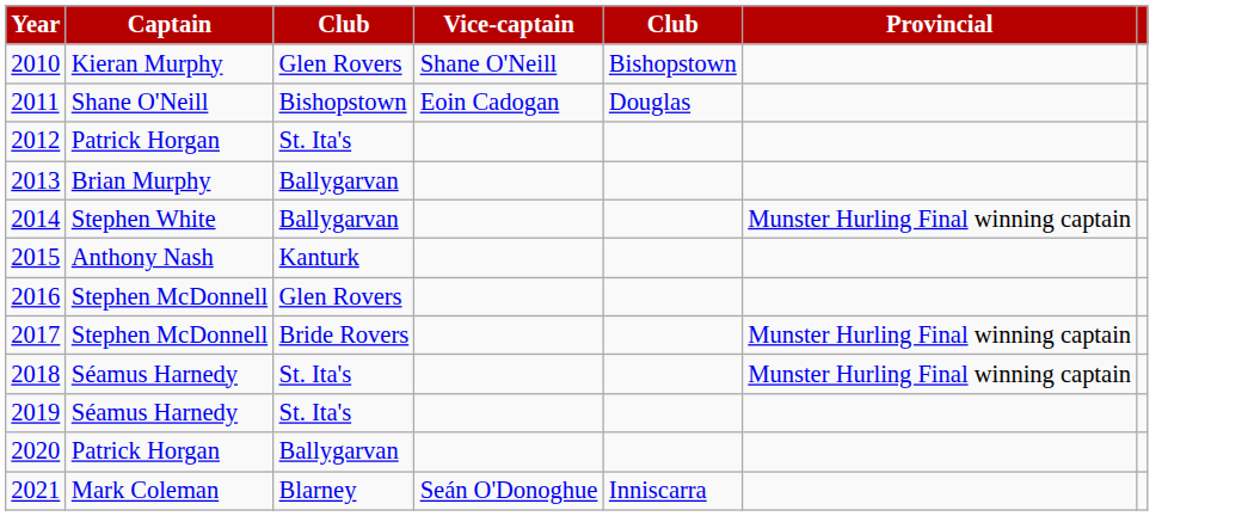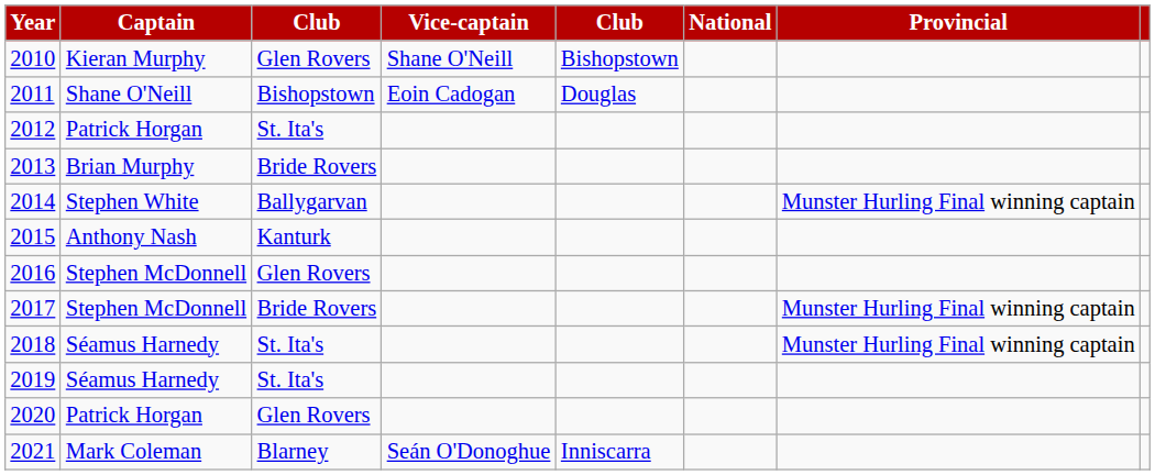 <table class="wikitable">
 <tr style="text-align:center;background:#B60000;color:white">
 <td><strong>Year</strong></td>
 <td><strong>Captain</strong></td>
 <td><strong>Club</strong></td>
 <td><strong>Vice-captain</strong></td>
 <td><strong>Club</strong></td>
+<td><strong>National</strong></td>
 <td><strong>Provincial</strong></td>
 <td></td>
 </tr>
 <tr>
 <td style="text-align:left;"><a href='#'>2010</a></td>
 <td style="text-align:left;"><a href='#'>Kieran Murphy</a></td>
 <td style="text-align:left;"><a href='#'>Glen Rovers</a></td>
 <td style="text-align:left;"><a href='#'>Shane O'Neill</a></td>
 <td style="text-align:left;"><a href='#'>Bishopstown</a></td>
 <td></td>
 <td></td>
+<td></td>
 </tr>
 <tr>
 <td style="text-align:left;"><a href='#'>2011</a></td>
 <td style="text-align:left;"><a href='#'>Shane O'Neill</a></td>
 <td style="text-align:left;"><a href='#'>Bishopstown</a></td>
 <td style="text-align:left;"><a href='#'>Eoin Cadogan</a></td>
 <td style="text-align:left;"><a href='#'>Douglas</a></td>
+<td></td>
 <td></td>
 <td></td>
 </tr>
 <tr>
 <td style="text-align:left;"><a href='#'>2012</a></td>
 <td style="text-align:left;"><a href='#'>Patrick Horgan</a></td>
 <td style="text-align:left;"><a href='#'>St. Ita's</a></td>
 <td></td>
 <td></td>
 <td></td>
 <td></td>
+<td></td>
 </tr>
 <tr>
 <td style="text-align:left;"><a href='#'>2013</a></td>
 <td style="text-align:left;"><a href='#'>Brian Murphy</a></td>
-<td style="text-align:left;"><a href='#'>Ballygarvan</a></td>
+<td style="text-align:left;"><a href='#'>Bride Rovers</a></td>
+<td></td>
 <td></td>
 <td></td>
 <td></td>
 <td></td>
 </tr>
 <tr>
 <td style="text-align:left;"><a href='#'>2014</a></td>
 <td style="text-align:left;"><a href='#'>Stephen White</a></td>
 <td style="text-align:left;"><a href='#'>Ballygarvan</a></td>
 <td style="text-align:left;"></td>
 <td style="text-align:left;"></td>
+<td></td>
 <td><a href='#'>Munster Hurling Final</a> winning captain</td>
 <td></td>
 </tr>
 <tr>
 <td style="text-align:left;"><a href='#'>2015</a></td>
 <td style="text-align:left;"><a href='#'>Anthony Nash</a></td>
 <td style="text-align:left;"><a href='#'>Kanturk</a></td>
 <td style="text-align:left;"></td>
 <td style="text-align:left;"></td>
 <td></td>
 <td></td>
+<td></td>
 </tr>
 <tr>
 <td style="text-align:left;"><a href='#'>2016</a></td>
 <td style="text-align:left;"><a href='#'>Stephen McDonnell</a></td>
 <td style="text-align:left;"><a href='#'>Glen Rovers</a></td>
 <td style="text-align:left;"></td>
 <td style="text-align:left;"></td>
 <td></td>
 <td></td>
+<td></td>
 </tr>
 <tr>
 <td style="text-align:left;"><a href='#'>2017</a></td>
 <td style="text-align:left;"><a href='#'>Stephen McDonnell</a></td>
 <td style="text-align:left;"><a href='#'>Bride Rovers</a></td>
 <td style="text-align:left;"></td>
 <td style="text-align:left;"></td>
+<td></td>
 <td><a href='#'>Munster Hurling Final</a> winning captain</td>
 <td></td>
 </tr>
 <tr>
 <td style="text-align:left;"><a href='#'>2018</a></td>
 <td style="text-align:left;"><a href='#'>Séamus Harnedy</a></td>
 <td style="text-align:left;"><a href='#'>St. Ita's</a></td>
 <td style="text-align:left;"></td>
 <td style="text-align:left;"></td>
+<td></td>
 <td><a href='#'>Munster Hurling Final</a> winning captain</td>
 <td></td>
 </tr>
 <tr>
 <td style="text-align:left;"><a href='#'>2019</a></td>
 <td style="text-align:left;"><a href='#'>Séamus Harnedy</a></td>
 <td style="text-align:left;"><a href='#'>St. Ita's</a></td>
 <td style="text-align:left;"></td>
 <td style="text-align:left;"></td>
 <td></td>
 <td></td>
+<td></td>
 </tr>
 <tr>
 <td style="text-align:left;"><a href='#'>2020</a></td>
 <td style="text-align:left;"><a href='#'>Patrick Horgan</a></td>
-<td style="text-align:left;"><a href='#'>Ballygarvan</a></td>
+<td style="text-align:left;"><a href='#'>Glen Rovers</a></td>
 <td style="text-align:left;"></td>
 <td style="text-align:left;"></td>
+<td></td>
 <td></td>
 <td></td>
 </tr>
 <tr>
 <td style="text-align:left;"><a href='#'>2021</a></td>
 <td style="text-align:left;"><a href='#'>Mark Coleman</a></td>
 <td style="text-align:left;"><a href='#'>Blarney</a></td>
 <td style="text-align:left;"><a href='#'>Seán O'Donoghue</a></td>
 <td style="text-align:left;"><a href='#'>Inniscarra</a></td>
 <td></td>
 <td></td>
+<td></td>
 </tr>
 </table>
